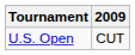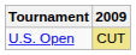 <table class="wikitable" style="font-size:95%;">
 <tr>
 <th>Tournament</th>
 <th>2009</th>
 </tr>
 <tr>
 <td><a href='#'>U.S. Open</a></td>
-<td align="center">CUT</td>
+<td align="center" style="background: khaki;">CUT</td>
 </tr>
 </table>
